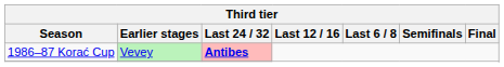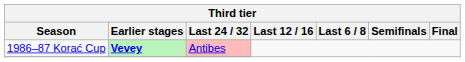 <table class="wikitable" style="font-size:90%">
 <tr>
 <th colspan=7>Third tier</th>
 </tr>
 <tr>
 <th>Season</th>
 <th>Earlier stages</th>
 <th>Last 24 / 32</th>
 <th>Last 12 / 16</th>
 <th>Last 6 / 8</th>
 <th>Semifinals</th>
 <th>Final</th>
 </tr>
 <tr>
 <td><a href='#'>1986–87 Korać Cup</a></td>
-<td bgcolor=#BBF3BB> <a href='#'>Vevey</a></td>
-<td bgcolor=#FFBBBB><strong> <a href='#'>Antibes</a></strong></td>
+<td bgcolor=#BBF3BB><strong> <a href='#'>Vevey</a></strong></td>
+<td bgcolor=#FFBBBB> <a href='#'>Antibes</a></td>
 </tr>
 <tr>
 </tr>
 </table>
